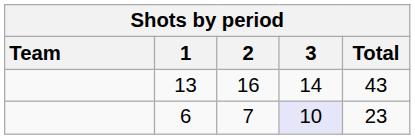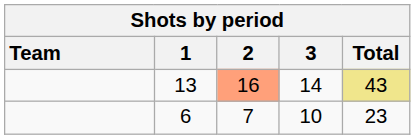 <table class="wikitable" style="width:20em; text-align:right;">
 <tr>
 <th colspan="6">Shots by period</th>
 </tr>
 <tr>
 <th style="width:8em; text-align:left;">Team</th>
 <th style="width:3em;">1</th>
 <th style="width:3em;">2</th>
 <th style="width:3em;">3</th>
 <th style="width:3em;">Total</th>
 </tr>
 <tr style="text-align:center;">
 <td style="text-align:left;"></td>
 <td>13</td>
-<td>16</td>
+<td style="background: lightsalmon;">16</td>
 <td>14</td>
-<td>43</td>
+<td style="background: khaki;">43</td>
 </tr>
 <tr style="text-align:center;">
 <td style="text-align:left;"></td>
 <td>6</td>
 <td>7</td>
-<td style="background: lavender;">10</td>
+<td>10</td>
 <td>23</td>
 </tr>
 </table>
